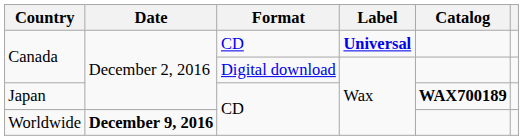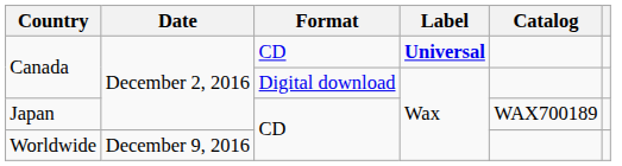 <table class="wikitable">
 <tr>
 <th>Country</th>
 <th>Date</th>
 <th>Format</th>
 <th>Label</th>
 <th>Catalog </th>
 <th></th>
 </tr>
 <tr>
 <td rowspan="2">Canada</td>
 <td rowspan="3">December 2, 2016</td>
 <td><a href='#'>CD</a></td>
 <td><strong><a href='#'>Universal</a></strong></td>
 <td></td>
 <td></td>
 </tr>
 <tr>
 <td><a href='#'>Digital download</a></td>
 <td rowspan="3">Wax</td>
 <td></td>
 <td></td>
 </tr>
 <tr>
 <td>Japan</td>
 <td rowspan="2">CD</td>
-<td><strong>WAX700189</strong></td>
+<td>WAX700189</td>
 <td></td>
 </tr>
 <tr>
 <td>Worldwide</td>
-<td><strong>December 9, 2016</strong></td>
+<td>December 9, 2016</td>
 <td></td>
 <td></td>
 </tr>
 </table>
